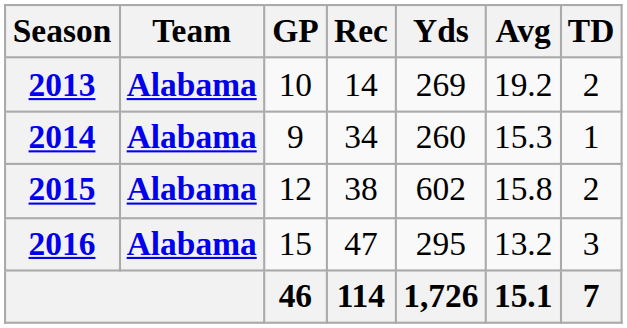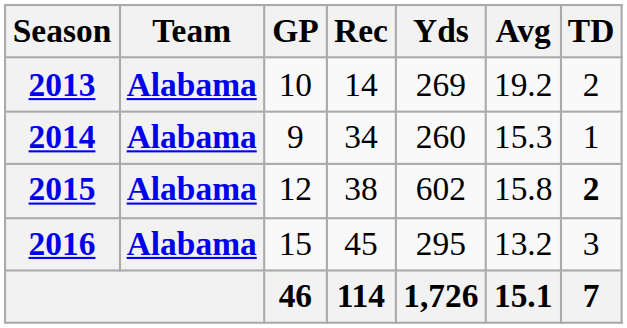 <table class="wikitable" style="text-align:center;">
 <tr>
 <th>Season</th>
 <th>Team</th>
 <th>GP</th>
 <th>Rec</th>
 <th>Yds</th>
 <th>Avg</th>
 <th>TD</th>
 </tr>
 <tr>
 <th><a href='#'>2013</a></th>
 <th><a href='#'>Alabama</a></th>
 <td>10</td>
 <td>14</td>
 <td>269</td>
 <td>19.2</td>
 <td>2</td>
 </tr>
 <tr>
 <th><a href='#'>2014</a></th>
 <th><a href='#'>Alabama</a></th>
 <td>9</td>
 <td>34</td>
 <td>260</td>
 <td>15.3</td>
 <td>1</td>
 </tr>
 <tr>
 <th><a href='#'>2015</a></th>
 <th><a href='#'>Alabama</a></th>
 <td>12</td>
 <td>38</td>
 <td>602</td>
 <td>15.8</td>
-<td>2</td>
+<td><strong>2</strong></td>
 </tr>
 <tr>
 <th><a href='#'>2016</a></th>
 <th><a href='#'>Alabama</a></th>
 <td>15</td>
-<td>47</td>
+<td>45</td>
 <td>295</td>
 <td>13.2</td>
 <td>3</td>
 </tr>
 <tr>
 <th colspan="2"></th>
 <th>46</th>
 <th>114</th>
 <th>1,726</th>
 <th>15.1</th>
 <th>7</th>
 </tr>
 </table>
